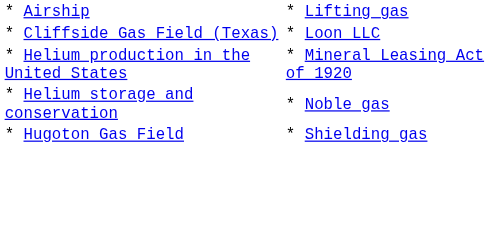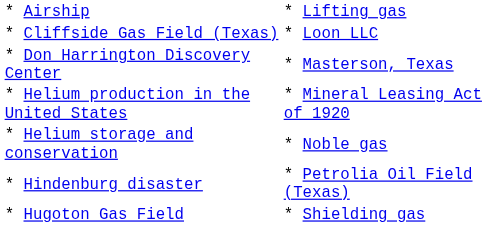 <table style="border:0px solid gray; align:left; width:65%" cellspacing=3 cellpadding=0>
 <tr>
 <td>* <a href='#'>Airship</a></td>
 <td>* <a href='#'>Lifting gas</a></td>
 </tr>
 <tr>
 <td>* <a href='#'>Cliffside Gas Field (Texas)</a></td>
 <td>* <a href='#'>Loon LLC</a></td>
 </tr>
 <tr>
+<td>* <a href='#'>Don Harrington Discovery Center</a></td>
+<td>* <a href='#'>Masterson, Texas</a></td>
+</tr>
+<tr>
 <td>* <a href='#'>Helium production in the United States</a></td>
 <td>* <a href='#'>Mineral Leasing Act of 1920</a></td>
 </tr>
 <tr>
 <td>* <a href='#'>Helium storage and conservation</a></td>
 <td>* <a href='#'>Noble gas</a></td>
 </tr>
 <tr>
+<td>* <a href='#'>Hindenburg disaster</a></td>
+<td>* <a href='#'>Petrolia Oil Field (Texas)</a></td>
+</tr>
+<tr>
 <td>* <a href='#'>Hugoton Gas Field</a></td>
 <td>* <a href='#'>Shielding gas</a></td>
 </tr>
 </table>
